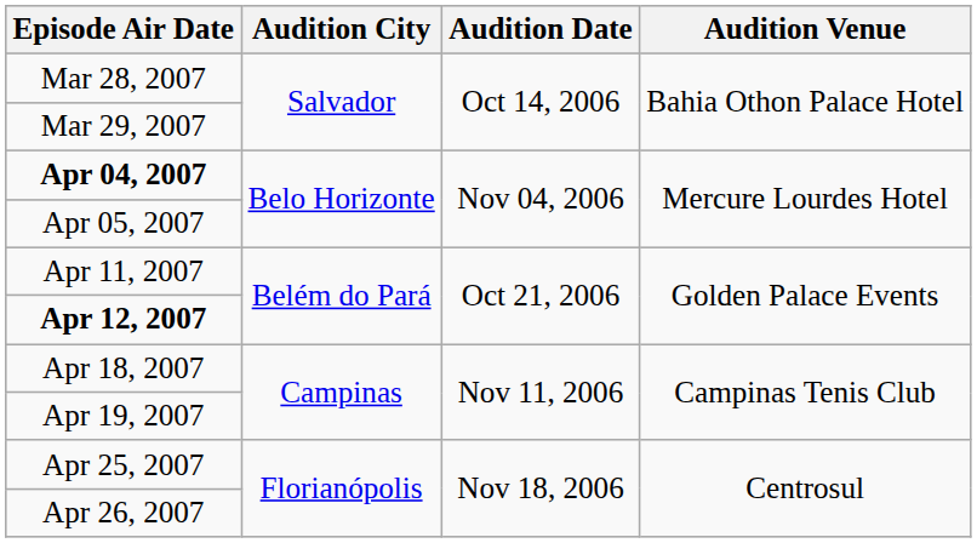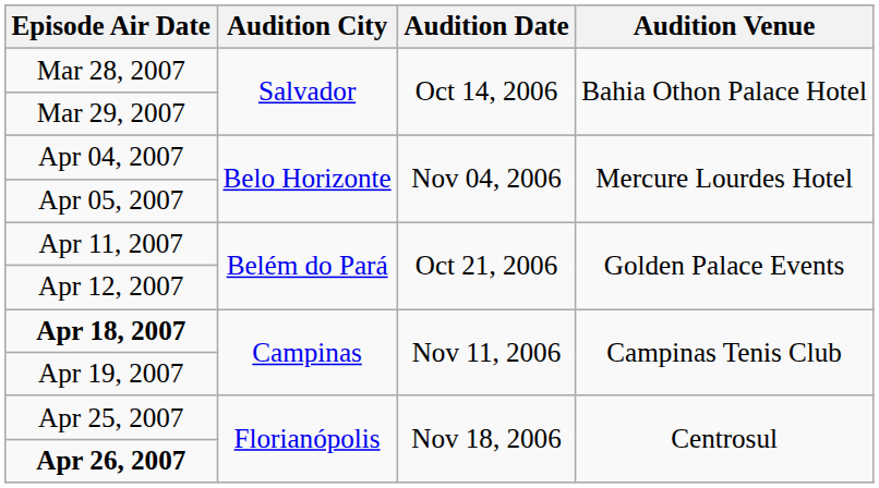 <table class=wikitable style=text-align:center;>
 <tr>
 <th>Episode Air Date</th>
 <th>Audition City</th>
 <th>Audition Date</th>
 <th>Audition Venue</th>
 </tr>
 <tr>
 <td>Mar 28, 2007</td>
 <td rowspan=2><a href='#'>Salvador</a></td>
 <td rowspan=2>Oct 14, 2006</td>
 <td rowspan=2>Bahia Othon Palace Hotel</td>
 </tr>
 <tr>
 <td>Mar 29, 2007</td>
 </tr>
 <tr>
-<td><strong>Apr 04, 2007</strong></td>
+<td>Apr 04, 2007</td>
 <td rowspan=2><a href='#'>Belo Horizonte</a></td>
 <td rowspan=2>Nov 04, 2006</td>
 <td rowspan=2>Mercure Lourdes Hotel</td>
 </tr>
 <tr>
 <td>Apr 05, 2007</td>
 </tr>
 <tr>
 <td>Apr 11, 2007</td>
 <td rowspan=2><a href='#'>Belém do Pará</a></td>
 <td rowspan=2>Oct 21, 2006</td>
 <td rowspan=2>Golden Palace Events</td>
 </tr>
 <tr>
-<td><strong>Apr 12, 2007</strong></td>
+<td>Apr 12, 2007</td>
 </tr>
 <tr>
-<td>Apr 18, 2007</td>
+<td><strong>Apr 18, 2007</strong></td>
 <td rowspan=2><a href='#'>Campinas</a></td>
 <td rowspan=2>Nov 11, 2006</td>
 <td rowspan=2>Campinas Tenis Club</td>
 </tr>
 <tr>
 <td>Apr 19, 2007</td>
 </tr>
 <tr>
 <td>Apr 25, 2007</td>
 <td rowspan=2><a href='#'>Florianópolis</a></td>
 <td rowspan=2>Nov 18, 2006</td>
 <td rowspan=2>Centrosul</td>
 </tr>
 <tr>
-<td>Apr 26, 2007</td>
+<td><strong>Apr 26, 2007</strong></td>
 </tr>
 </table>
